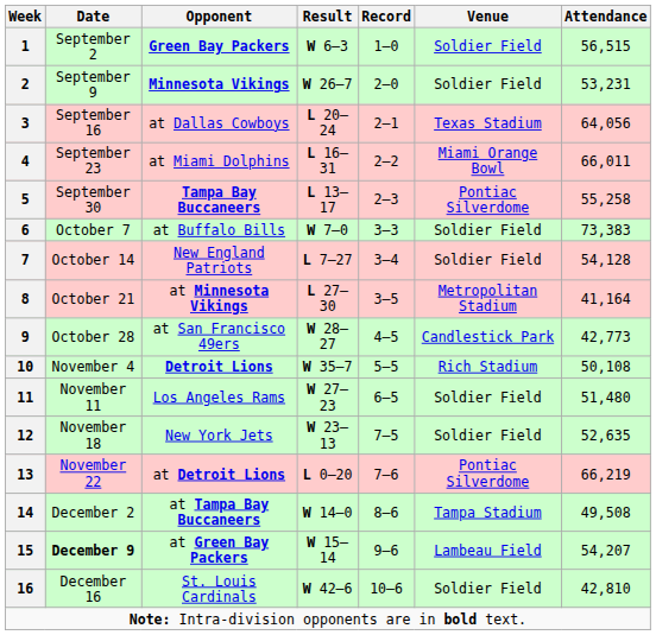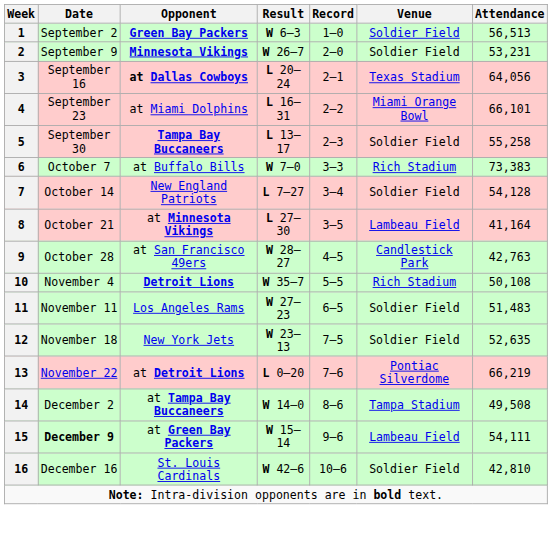 <table class="wikitable" style="text-align:center">
 <tr>
 <th>Week</th>
 <th>Date</th>
 <th>Opponent</th>
 <th>Result</th>
 <th>Record</th>
 <th>Venue</th>
 <th>Attendance</th>
 </tr>
 <tr style="background:#cfc">
 <th>1</th>
 <td>September 2</td>
 <td><strong><a href='#'>Green Bay Packers</a></strong></td>
 <td><strong>W</strong> 6–3</td>
 <td>1–0</td>
 <td><a href='#'>Soldier Field</a></td>
-<td>56,515</td>
+<td>56,513</td>
 </tr>
 <tr style="background:#cfc">
 <th>2</th>
 <td>September 9</td>
 <td><strong><a href='#'>Minnesota Vikings</a></strong></td>
 <td><strong>W</strong> 26–7</td>
 <td>2–0</td>
 <td>Soldier Field</td>
 <td>53,231</td>
 </tr>
 <tr style="background:#fcc">
 <th>3</th>
 <td>September 16</td>
-<td>at <a href='#'>Dallas Cowboys</a></td>
+<td><strong>at <a href='#'>Dallas Cowboys</a></strong></td>
 <td><strong>L</strong> 20–24</td>
 <td>2–1</td>
 <td><a href='#'>Texas Stadium</a></td>
 <td>64,056</td>
 </tr>
 <tr style="background:#fcc">
 <th>4</th>
 <td>September 23</td>
 <td>at <a href='#'>Miami Dolphins</a></td>
 <td><strong>L</strong> 16–31</td>
 <td>2–2</td>
 <td><a href='#'>Miami Orange Bowl</a></td>
-<td>66,011</td>
+<td>66,101</td>
 </tr>
 <tr style="background:#fcc">
 <th>5</th>
 <td>September 30</td>
 <td><strong><a href='#'>Tampa Bay Buccaneers</a></strong></td>
 <td><strong>L</strong> 13–17</td>
 <td>2–3</td>
-<td><a href='#'>Pontiac Silverdome</a></td>
+<td>Soldier Field</td>
 <td>55,258</td>
 </tr>
 <tr style="background:#cfc">
 <th>6</th>
 <td>October 7</td>
 <td>at <a href='#'>Buffalo Bills</a></td>
 <td><strong>W</strong> 7–0</td>
 <td>3–3</td>
-<td>Soldier Field</td>
+<td><a href='#'>Rich Stadium</a></td>
 <td>73,383</td>
 </tr>
 <tr style="background:#fcc">
 <th>7</th>
 <td>October 14</td>
 <td><a href='#'>New England Patriots</a></td>
 <td><strong>L</strong> 7–27</td>
 <td>3–4</td>
 <td>Soldier Field</td>
 <td>54,128</td>
 </tr>
 <tr style="background:#fcc">
 <th>8</th>
 <td>October 21</td>
 <td>at <strong><a href='#'>Minnesota Vikings</a></strong></td>
 <td><strong>L</strong> 27–30</td>
 <td>3–5</td>
-<td><a href='#'>Metropolitan Stadium</a></td>
+<td><a href='#'>Lambeau Field</a></td>
 <td>41,164</td>
 </tr>
 <tr style="background:#cfc">
 <th>9</th>
 <td>October 28</td>
 <td>at <a href='#'>San Francisco 49ers</a></td>
 <td><strong>W</strong> 28–27</td>
 <td>4–5</td>
 <td><a href='#'>Candlestick Park</a></td>
-<td>42,773</td>
+<td>42,763</td>
 </tr>
 <tr style="background:#cfc">
 <th>10</th>
 <td>November 4</td>
 <td><strong><a href='#'>Detroit Lions</a></strong></td>
 <td><strong>W</strong> 35–7</td>
 <td>5–5</td>
 <td><a href='#'>Rich Stadium</a></td>
 <td>50,108</td>
 </tr>
 <tr style="background:#cfc">
 <th>11</th>
 <td>November 11</td>
 <td><a href='#'>Los Angeles Rams</a></td>
 <td><strong>W</strong> 27–23</td>
 <td>6–5</td>
 <td>Soldier Field</td>
-<td>51,480</td>
+<td>51,483</td>
 </tr>
 <tr style="background:#cfc">
 <th>12</th>
 <td>November 18</td>
 <td><a href='#'>New York Jets</a></td>
 <td><strong>W</strong> 23–13</td>
 <td>7–5</td>
 <td>Soldier Field</td>
 <td>52,635</td>
 </tr>
 <tr style="background:#fcc">
 <th>13</th>
 <td><a href='#'>November 22</a></td>
 <td>at <strong><a href='#'>Detroit Lions</a></strong></td>
 <td><strong>L</strong> 0–20</td>
 <td>7–6</td>
 <td><a href='#'>Pontiac Silverdome</a></td>
 <td>66,219</td>
 </tr>
 <tr style="background:#cfc">
 <th>14</th>
 <td>December 2</td>
 <td>at <strong><a href='#'>Tampa Bay Buccaneers</a></strong></td>
 <td><strong>W</strong> 14–0</td>
 <td>8–6</td>
 <td><a href='#'>Tampa Stadium</a></td>
 <td>49,508</td>
 </tr>
 <tr style="background:#cfc">
 <th>15</th>
 <td><strong>December 9</strong></td>
 <td>at <strong><a href='#'>Green Bay Packers</a></strong></td>
 <td><strong>W</strong> 15–14</td>
 <td>9–6</td>
 <td><a href='#'>Lambeau Field</a></td>
-<td>54,207</td>
+<td>54,111</td>
 </tr>
 <tr style="background:#cfc">
 <th>16</th>
 <td>December 16</td>
 <td><a href='#'>St. Louis Cardinals</a></td>
 <td><strong>W</strong> 42–6</td>
 <td>10–6</td>
 <td>Soldier Field</td>
 <td>42,810</td>
 </tr>
 <tr>
 <td colspan="8"><strong>Note:</strong> Intra-division opponents are in <strong>bold</strong> text.</td>
 </tr>
 </table>
